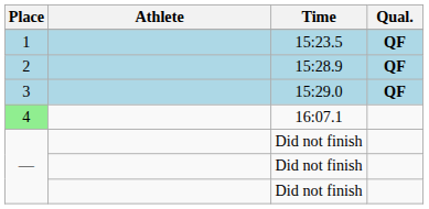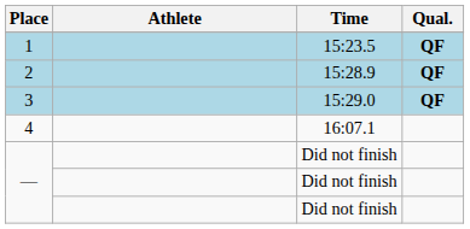 <table class=wikitable style="text-align:center">
 <tr>
 <th width=20>Place</th>
 <th width=220>Athlete</th>
 <th width=90>Time</th>
 <th width=50>Qual.</th>
 </tr>
 <tr>
 </tr>
 <tr bgcolor=lightblue>
 <td>1</td>
 <td align=left></td>
 <td>15:23.5</td>
 <td><strong>QF</strong></td>
 </tr>
 <tr bgcolor=lightblue>
 <td>2</td>
 <td align=left></td>
 <td>15:28.9</td>
 <td><strong>QF</strong></td>
 </tr>
 <tr bgcolor=lightblue>
 <td>3</td>
 <td align=left></td>
 <td>15:29.0</td>
 <td><strong>QF</strong></td>
 </tr>
 <tr>
-<td style="background: lightgreen;">4</td>
+<td>4</td>
 <td align=left></td>
 <td>16:07.1</td>
 <td></td>
 </tr>
 <tr>
 <td rowspan=3>—</td>
 <td align=left></td>
 <td>Did not finish</td>
 <td></td>
 </tr>
 <tr>
 <td align=left></td>
 <td>Did not finish</td>
 <td></td>
 </tr>
 <tr>
 <td align=left></td>
 <td>Did not finish</td>
 <td></td>
 </tr>
 </table>
